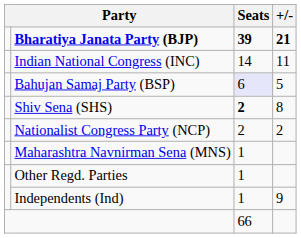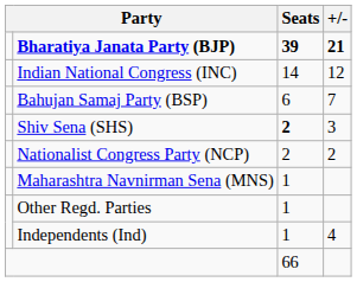 <table class="sortable wikitable">
 <tr>
 <th colspan="2">Party</th>
 <th>Seats</th>
 <th>+/-</th>
 </tr>
 <tr>
 <td style="background-color : "></td>
 <td><strong><a href='#'>Bharatiya Janata Party</a> (BJP)</strong></td>
 <td><strong>39</strong></td>
 <td> <strong>21</strong></td>
 </tr>
 <tr>
 <td style="background-color : "></td>
 <td><a href='#'>Indian National Congress</a> (INC)</td>
 <td>14</td>
-<td> 11</td>
+<td> 12</td>
 </tr>
 <tr>
 <td style="background-color : "></td>
 <td><a href='#'>Bahujan Samaj Party</a> (BSP)</td>
-<td style="background: lavender;">6</td>
-<td> 5</td>
+<td>6</td>
+<td> 7</td>
 </tr>
 <tr>
 <td style="background-color : "></td>
 <td><a href='#'>Shiv Sena</a> (SHS)</td>
 <td><strong>2</strong></td>
-<td> 8</td>
+<td> 3</td>
 </tr>
 <tr>
 <td style="background-color:"></td>
 <td><a href='#'>Nationalist Congress Party</a> (NCP)</td>
 <td>2</td>
 <td> 2</td>
 </tr>
 <tr>
 <td style="background-color:"></td>
 <td><a href='#'>Maharashtra Navnirman Sena</a> (MNS)</td>
 <td>1</td>
 <td></td>
 </tr>
 <tr>
 <td rowspan="2" style="background-color:"></td>
 <td>Other Regd. Parties</td>
 <td>1</td>
 <td></td>
 </tr>
 <tr>
 <td>Independents (Ind)</td>
 <td>1</td>
-<td> 9</td>
+<td> 4</td>
 </tr>
 <tr>
 <td colspan="2"></td>
 <td>66</td>
 </tr>
 </table>
